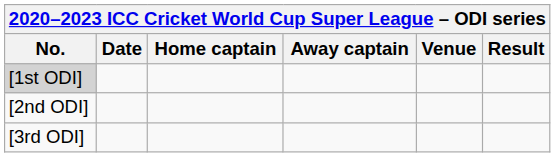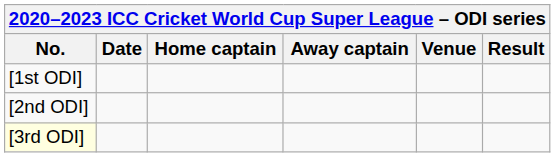 <table class="wikitable">
 <tr>
 <th colspan="9"><a href='#'>2020–2023 ICC Cricket World Cup Super League</a> – ODI series</th>
 </tr>
 <tr>
 <th>No.</th>
 <th>Date</th>
 <th>Home captain</th>
 <th>Away captain</th>
 <th>Venue</th>
 <th>Result</th>
 </tr>
 <tr>
-<td style="background: lightgrey;">[1st ODI]</td>
+<td>[1st ODI]</td>
 <td></td>
 <td></td>
 <td></td>
 <td></td>
 <td></td>
 </tr>
 <tr>
 <td>[2nd ODI]</td>
 <td></td>
 <td></td>
 <td></td>
 <td></td>
 <td></td>
 </tr>
 <tr>
-<td>[3rd ODI]</td>
+<td style="background: lightyellow;">[3rd ODI]</td>
 <td></td>
 <td></td>
 <td></td>
 <td></td>
 <td></td>
 </tr>
 </table>
